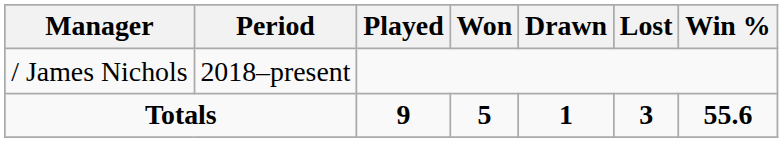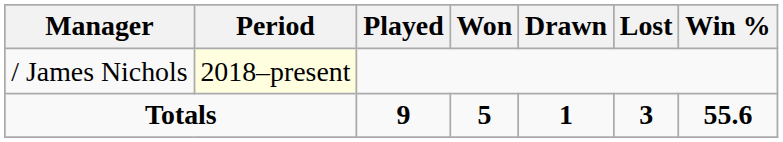 <table class="wikitable sortable" style="text-align:center;">
 <tr>
 <th>Manager</th>
 <th>Period</th>
 <th>Played</th>
 <th>Won</th>
 <th>Drawn</th>
 <th>Lost</th>
 <th>Win %</th>
 </tr>
 <tr>
 <td style="text-align: left;">/ James Nichols</td>
-<td>2018–present<br></td>
+<td style="background: lightyellow;">2018–present<br></td>
 </tr>
 <tr>
 <td colspan="2"><strong>Totals</strong></td>
 <td><strong>9</strong></td>
 <td><strong>5</strong></td>
 <td><strong>1</strong></td>
 <td><strong>3</strong></td>
 <td><strong>55.6</strong></td>
 </tr>
 </table>
